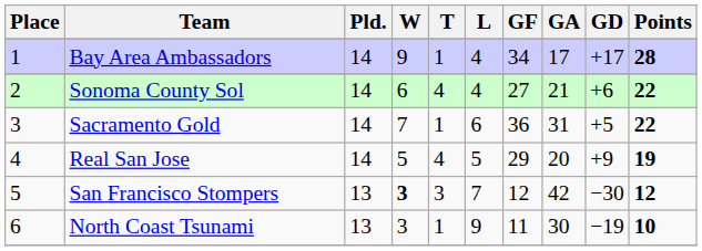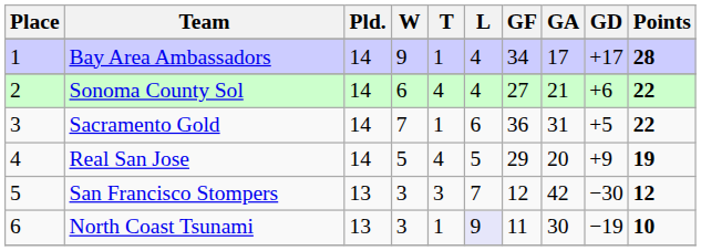 <table class="wikitable">
 <tr>
 <th>Place</th>
 <th width="200">Team</th>
 <th width="20">Pld.</th>
 <th width="20">W</th>
 <th width="20">T</th>
 <th width="20">L</th>
 <th width="20">GF</th>
 <th width="20">GA</th>
 <th width="25">GD</th>
 <th>Points</th>
 </tr>
 <tr>
 </tr>
 <tr bgcolor=#CCCCFF>
 <td>1</td>
 <td><a href='#'>Bay Area Ambassadors</a></td>
 <td>14</td>
 <td>9</td>
 <td>1</td>
 <td>4</td>
 <td>34</td>
 <td>17</td>
 <td>+17</td>
 <td><strong>28</strong></td>
 </tr>
 <tr>
 </tr>
 <tr bgcolor=#CCFFCC>
 <td>2</td>
 <td><a href='#'>Sonoma County Sol</a></td>
 <td>14</td>
 <td>6</td>
 <td>4</td>
 <td>4</td>
 <td>27</td>
 <td>21</td>
 <td>+6</td>
 <td><strong>22</strong></td>
 </tr>
 <tr>
 <td>3</td>
 <td><a href='#'>Sacramento Gold</a></td>
 <td>14</td>
 <td>7</td>
 <td>1</td>
 <td>6</td>
 <td>36</td>
 <td>31</td>
 <td>+5</td>
 <td><strong>22</strong></td>
 </tr>
 <tr>
 <td>4</td>
 <td><a href='#'>Real San Jose</a></td>
 <td>14</td>
 <td>5</td>
 <td>4</td>
 <td>5</td>
 <td>29</td>
 <td>20</td>
 <td>+9</td>
 <td><strong>19</strong></td>
 </tr>
 <tr>
 <td>5</td>
 <td><a href='#'>San Francisco Stompers</a></td>
 <td>13</td>
-<td><strong>3</strong></td>
+<td>3</td>
 <td>3</td>
 <td>7</td>
 <td>12</td>
 <td>42</td>
 <td>−30</td>
 <td><strong>12</strong></td>
 </tr>
 <tr>
 <td>6</td>
 <td><a href='#'>North Coast Tsunami</a></td>
 <td>13</td>
 <td>3</td>
 <td>1</td>
-<td>9</td>
+<td style="background: lavender;">9</td>
 <td>11</td>
 <td>30</td>
 <td>−19</td>
 <td><strong>10</strong></td>
 </tr>
 <tr>
 </tr>
 </table>
